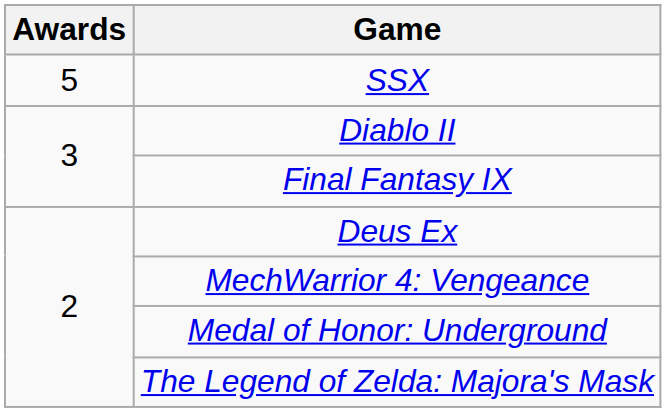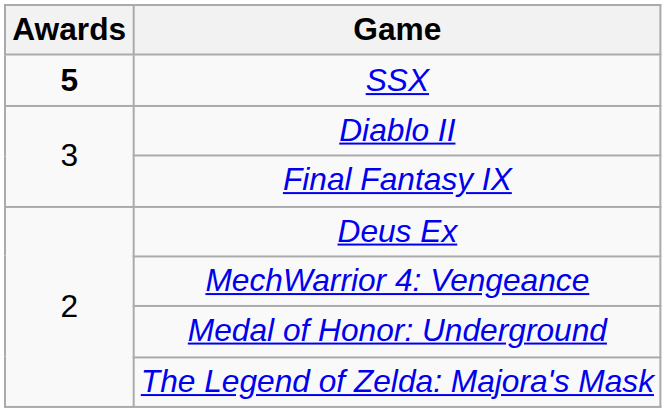 <table class="wikitable floatleft" rowspan="2" style="text-align:center;" background: #f6e39c;>
 <tr>
 <th scope="col">Awards</th>
 <th scope="col">Game</th>
 </tr>
 <tr>
-<td>5</td>
+<td><strong>5</strong></td>
 <td><em><a href='#'>SSX</a></em></td>
 </tr>
 <tr>
 <td rowspan=2>3</td>
 <td><em><a href='#'>Diablo II</a></em></td>
 </tr>
 <tr>
 <td><em><a href='#'>Final Fantasy IX</a></em></td>
 </tr>
 <tr>
 <td rowspan=4>2</td>
 <td><em><a href='#'>Deus Ex</a></em></td>
 </tr>
 <tr>
 <td><em><a href='#'>MechWarrior 4: Vengeance</a></em></td>
 </tr>
 <tr>
 <td><em><a href='#'>Medal of Honor: Underground</a></em></td>
 </tr>
 <tr>
 <td><em><a href='#'>The Legend of Zelda: Majora's Mask</a></em></td>
 </tr>
 </table>
